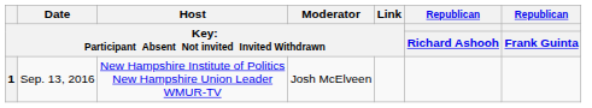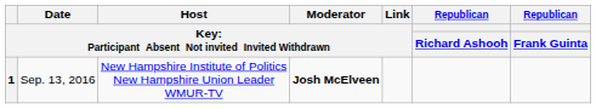 <table class="wikitable" style="text-align:center;">
 <tr>
 <th scope="col"></th>
 <th scope="col">Date</th>
 <th scope="col">Host</th>
 <th scope="col">Moderator</th>
 <th scope="col">Link</th>
 <th scope="col"><small><a href='#'>Republican</a></small></th>
 <th scope="col"><small><a href='#'>Republican</a></small></th>
 </tr>
 <tr>
 <th colspan="5" rowspan="2">Key:<br> <small>Participant </small>  <small>Absent </small>  <small>Not invited </small>  <small>Invited  Withdrawn</small></th>
 <th scope="col" style="background:"></th>
 <th scope="col" style="background:"></th>
 </tr>
 <tr>
 <th scope="col"><a href='#'>Richard Ashooh</a></th>
 <th scope="col"><a href='#'>Frank Guinta</a></th>
 </tr>
 <tr>
 <th>1</th>
 <td style="white-space:nowrap;">Sep. 13, 2016</td>
 <td style="white-space:nowrap;"><a href='#'>New Hampshire Institute of Politics</a><br><a href='#'>New Hampshire Union Leader</a><br><a href='#'>WMUR-TV</a></td>
-<td style="white-space:nowrap;">Josh McElveen</td>
+<td style="white-space:nowrap;"><strong>Josh McElveen</strong></td>
 <td style="white-space:nowrap;"></td>
 <td></td>
 <td></td>
 </tr>
 </table>
